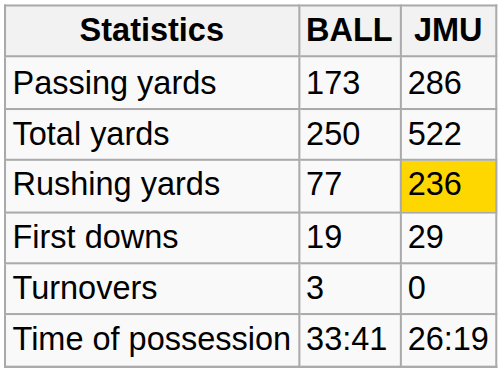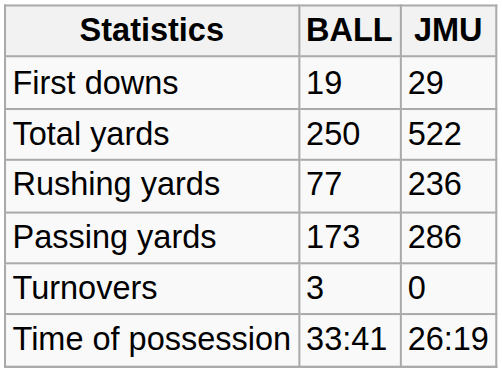 <table class="wikitable" style="float: left;">
 <tr>
 <th>Statistics</th>
 <th>BALL</th>
 <th>JMU</th>
 </tr>
 <tr>
-<td>Passing yards</td>
-<td>173</td>
-<td>286</td>
+<td>First downs</td>
+<td>19</td>
+<td>29</td>
 </tr>
 <tr>
 <td>Total yards</td>
 <td>250</td>
 <td>522</td>
 </tr>
 <tr>
 <td>Rushing yards</td>
 <td>77</td>
-<td style="background: gold;">236</td>
+<td>236</td>
 </tr>
 <tr>
-<td>First downs</td>
-<td>19</td>
-<td>29</td>
+<td>Passing yards</td>
+<td>173</td>
+<td>286</td>
 </tr>
 <tr>
 <td>Turnovers</td>
 <td>3</td>
 <td>0</td>
 </tr>
 <tr>
 <td>Time of possession</td>
 <td>33:41</td>
 <td>26:19</td>
 </tr>
 <tr>
 </tr>
 </table>
